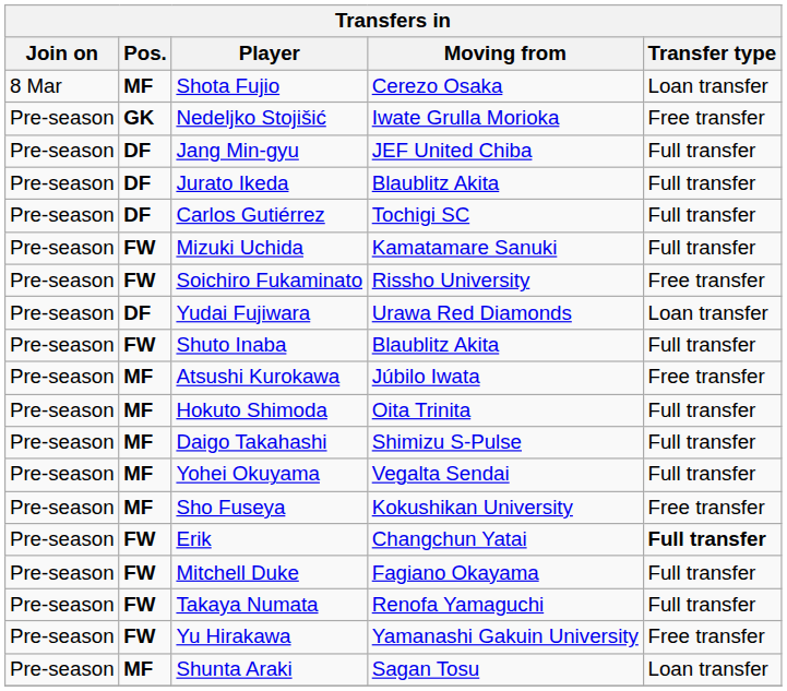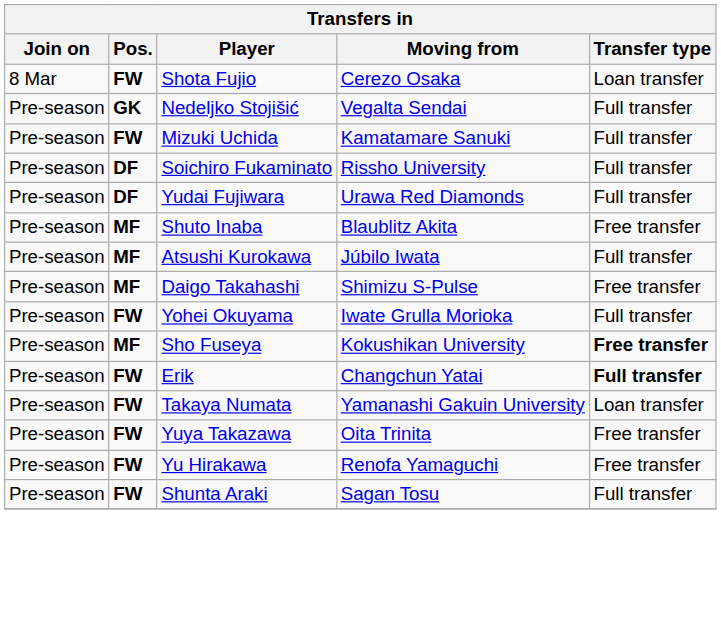 <table class="wikitable sortable" style=“text-align:left;>
 <tr>
 <th colspan="5">Transfers in</th>
 </tr>
 <tr>
 <th>Join on</th>
 <th>Pos.</th>
 <th>Player</th>
 <th>Moving from</th>
 <th>Transfer type</th>
 </tr>
 <tr>
 <td>8 Mar</td>
-<td><strong>MF</strong></td>
+<td><strong>FW</strong></td>
 <td> <a href='#'>Shota Fujio</a></td>
 <td> <a href='#'>Cerezo Osaka</a></td>
 <td>Loan transfer</td>
 </tr>
 <tr>
 <td>Pre-season</td>
 <td><strong>GK</strong></td>
 <td> <a href='#'>Nedeljko Stojišić</a></td>
-<td> <a href='#'>Iwate Grulla Morioka</a></td>
-<td>Free transfer</td>
-</tr>
-<tr>
-<td>Pre-season</td>
-<td><strong>DF</strong></td>
-<td> <a href='#'>Jang Min-gyu</a></td>
-<td> <a href='#'>JEF United Chiba</a></td>
-<td>Full transfer</td>
-</tr>
-<tr>
-<td>Pre-season</td>
-<td><strong>DF</strong></td>
-<td> <a href='#'>Jurato Ikeda</a></td>
-<td> <a href='#'>Blaublitz Akita</a></td>
-<td>Full transfer</td>
-</tr>
-<tr>
-<td>Pre-season</td>
-<td><strong>DF</strong></td>
-<td> <a href='#'>Carlos Gutiérrez</a></td>
-<td> <a href='#'>Tochigi SC</a></td>
+<td> <a href='#'>Vegalta Sendai</a></td>
 <td>Full transfer</td>
 </tr>
 <tr>
 <td>Pre-season</td>
 <td><strong>FW</strong></td>
 <td> <a href='#'>Mizuki Uchida</a></td>
 <td> <a href='#'>Kamatamare Sanuki</a></td>
 <td>Full transfer</td>
 </tr>
 <tr>
 <td>Pre-season</td>
-<td><strong>FW</strong></td>
+<td><strong>DF</strong></td>
 <td> <a href='#'>Soichiro Fukaminato</a></td>
 <td> <a href='#'>Rissho University</a></td>
-<td>Free transfer</td>
+<td>Full transfer</td>
 </tr>
 <tr>
 <td>Pre-season</td>
 <td><strong>DF</strong></td>
 <td> <a href='#'>Yudai Fujiwara</a></td>
 <td> <a href='#'>Urawa Red Diamonds</a></td>
-<td>Loan transfer</td>
+<td>Full transfer</td>
 </tr>
 <tr>
 <td>Pre-season</td>
-<td><strong>FW</strong></td>
+<td><strong>MF</strong></td>
 <td> <a href='#'>Shuto Inaba</a></td>
 <td> <a href='#'>Blaublitz Akita</a></td>
-<td>Full transfer</td>
+<td>Free transfer</td>
 </tr>
 <tr>
 <td>Pre-season</td>
 <td><strong>MF</strong></td>
 <td> <a href='#'>Atsushi Kurokawa</a></td>
 <td> <a href='#'>Júbilo Iwata</a></td>
-<td>Free transfer</td>
-</tr>
-<tr>
-<td>Pre-season</td>
-<td><strong>MF</strong></td>
-<td> <a href='#'>Hokuto Shimoda</a></td>
-<td> <a href='#'>Oita Trinita</a></td>
 <td>Full transfer</td>
 </tr>
 <tr>
 <td>Pre-season</td>
 <td><strong>MF</strong></td>
 <td> <a href='#'>Daigo Takahashi</a></td>
 <td> <a href='#'>Shimizu S-Pulse</a></td>
-<td>Full transfer</td>
+<td>Free transfer</td>
 </tr>
 <tr>
 <td>Pre-season</td>
-<td><strong>MF</strong></td>
+<td><strong>FW</strong></td>
 <td> <a href='#'>Yohei Okuyama</a></td>
-<td> <a href='#'>Vegalta Sendai</a></td>
+<td> <a href='#'>Iwate Grulla Morioka</a></td>
 <td>Full transfer</td>
 </tr>
 <tr>
 <td>Pre-season</td>
 <td><strong>MF</strong></td>
 <td> <a href='#'>Sho Fuseya</a></td>
 <td> <a href='#'>Kokushikan University</a></td>
-<td>Free transfer</td>
+<td><strong>Free transfer</strong></td>
 </tr>
 <tr>
 <td>Pre-season</td>
 <td><strong>FW</strong></td>
 <td> <a href='#'>Erik</a></td>
 <td> <a href='#'>Changchun Yatai</a></td>
 <td><strong>Full transfer</strong></td>
 </tr>
 <tr>
 <td>Pre-season</td>
 <td><strong>FW</strong></td>
-<td> <a href='#'>Mitchell Duke</a></td>
-<td> <a href='#'>Fagiano Okayama</a></td>
-<td>Full transfer</td>
+<td> <a href='#'>Takaya Numata</a></td>
+<td> <a href='#'>Yamanashi Gakuin University</a></td>
+<td>Loan transfer</td>
 </tr>
 <tr>
 <td>Pre-season</td>
 <td><strong>FW</strong></td>
-<td> <a href='#'>Takaya Numata</a></td>
-<td> <a href='#'>Renofa Yamaguchi</a></td>
-<td>Full transfer</td>
+<td> <a href='#'>Yuya Takazawa</a></td>
+<td> <a href='#'>Oita Trinita</a></td>
+<td>Free transfer</td>
 </tr>
 <tr>
 <td>Pre-season</td>
 <td><strong>FW</strong></td>
 <td> <a href='#'>Yu Hirakawa</a></td>
-<td> <a href='#'>Yamanashi Gakuin University</a></td>
+<td> <a href='#'>Renofa Yamaguchi</a></td>
 <td>Free transfer</td>
 </tr>
 <tr>
 <td>Pre-season</td>
-<td><strong>MF</strong></td>
+<td><strong>FW</strong></td>
 <td> <a href='#'>Shunta Araki</a></td>
 <td> <a href='#'>Sagan Tosu</a></td>
-<td>Loan transfer</td>
+<td>Full transfer</td>
 </tr>
 <tr>
 </tr>
 </table>
